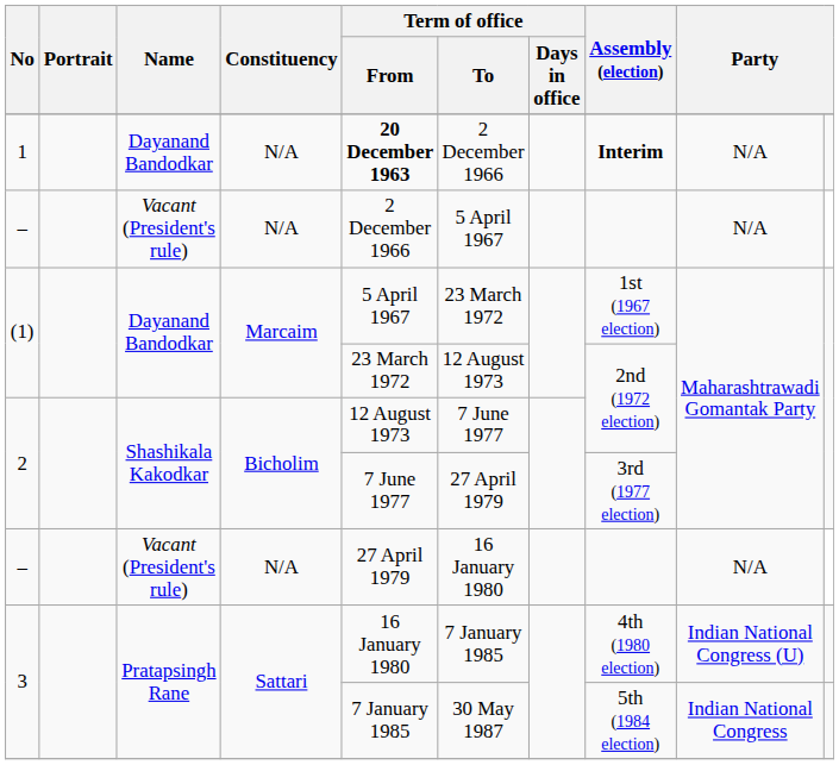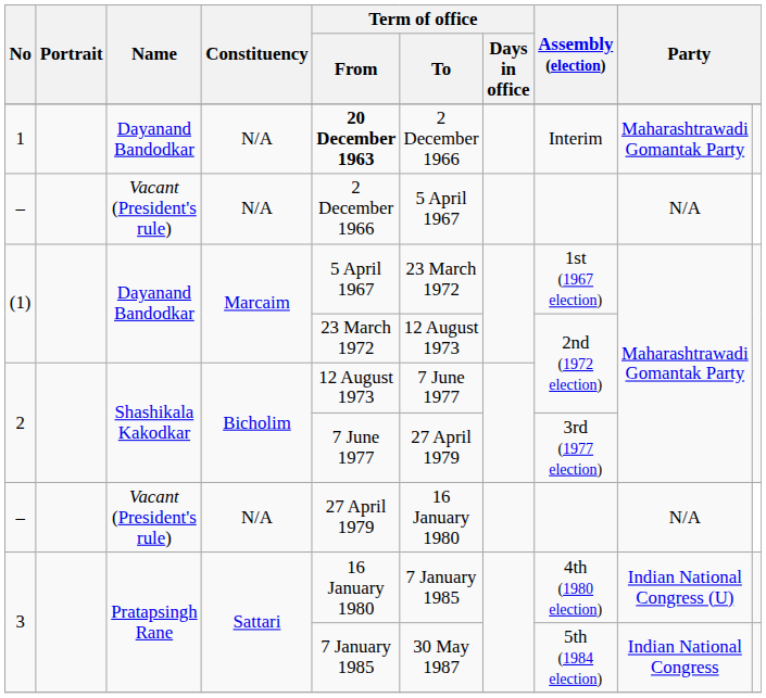 <table class="wikitable" style="text-align:center">
 <tr>
 <th rowspan="2">No</th>
 <th rowspan="2">Portrait</th>
 <th rowspan="2">Name</th>
 <th rowspan="2">Constituency</th>
 <th colspan="3">Term of office</th>
 <th rowspan="2"><a href='#'>Assembly</a><br><small>(<a href='#'>election</a>)</small></th>
 <th colspan="2" rowspan="2">Party</th>
 </tr>
 <tr>
 <th>From</th>
 <th>To</th>
 <th>Days in office</th>
 </tr>
 <tr>
 </tr>
 <tr align="center" style="height: 60px;">
 <td>1</td>
 <td></td>
 <td><a href='#'>Dayanand Bandodkar</a></td>
 <td>N/A</td>
 <td><strong>20 December 1963</strong></td>
 <td>2 December 1966</td>
 <td></td>
-<td><strong>Interim</strong></td>
-<td>N/A</td>
+<td>Interim</td>
+<td><a href='#'>Maharashtrawadi Gomantak Party</a></td>
 <td style="background-color: "></td>
 </tr>
 <tr>
 <td>–</td>
 <td></td>
 <td><em>Vacant</em><br>(<a href='#'>President's rule</a>)</td>
 <td>N/A</td>
 <td>2 December 1966</td>
 <td>5 April 1967</td>
 <td></td>
 <td></td>
 <td>N/A</td>
 <td style="background-color: white"></td>
 </tr>
 <tr align="center">
 <td rowspan="2">(1)</td>
 <td rowspan="2"></td>
 <td rowspan="2"><a href='#'>Dayanand Bandodkar</a></td>
 <td rowspan="2"><a href='#'>Marcaim</a></td>
 <td style="height: 30px;">5 April 1967</td>
 <td>23 March 1972</td>
 <td rowspan="2"></td>
 <td>1st<br><small>(<a href='#'>1967 election</a>)</small></td>
 <td rowspan="4"><a href='#'>Maharashtrawadi Gomantak Party</a></td>
 <td rowspan="4" style="background-color: "></td>
 </tr>
 <tr align="center">
 <td style="height: 30px;">23 March 1972</td>
 <td>12 August 1973</td>
 <td rowspan="2">2nd<br><small>(<a href='#'>1972 election</a>)</small></td>
 </tr>
 <tr align="center">
 <td rowspan="2">2</td>
 <td rowspan="2"></td>
 <td rowspan="2"><a href='#'>Shashikala Kakodkar</a></td>
 <td rowspan="2"><a href='#'>Bicholim</a></td>
 <td style="height: 30px;">12 August 1973</td>
 <td>7 June 1977</td>
 <td rowspan="2"></td>
 </tr>
 <tr align="center">
 <td style="height: 30px;">7 June 1977</td>
 <td>27 April 1979</td>
 <td>3rd<br><small>(<a href='#'>1977 election</a>)</small></td>
 </tr>
 <tr align="center" style="height: 60px;">
 <td>–</td>
 <td></td>
 <td><em>Vacant</em><br>(<a href='#'>President's rule</a>)</td>
 <td>N/A</td>
 <td>27 April 1979</td>
 <td>16 January 1980</td>
 <td></td>
 <td></td>
 <td>N/A</td>
 <td style="background-color: white"></td>
 </tr>
 <tr align="center">
 <td rowspan="2">3</td>
 <td rowspan="2"></td>
 <td rowspan="2"><a href='#'>Pratapsingh Rane</a></td>
 <td rowspan="2"><a href='#'>Sattari</a></td>
 <td style="height: 30px;">16 January 1980</td>
 <td>7 January 1985</td>
 <td rowspan="2"></td>
 <td>4th<br><small>(<a href='#'>1980 election</a>)</small></td>
 <td><a href='#'>Indian National Congress (U)</a></td>
 <td style="background-color:"></td>
 </tr>
 <tr align="center">
 <td style="height: 30px;">7 January 1985</td>
 <td>30 May 1987</td>
 <td>5th<br><small>(<a href='#'>1984 election</a>)</small></td>
 <td><a href='#'>Indian National Congress</a></td>
 <td style="background-color: "></td>
 </tr>
 <tr>
 </tr>
 </table>
